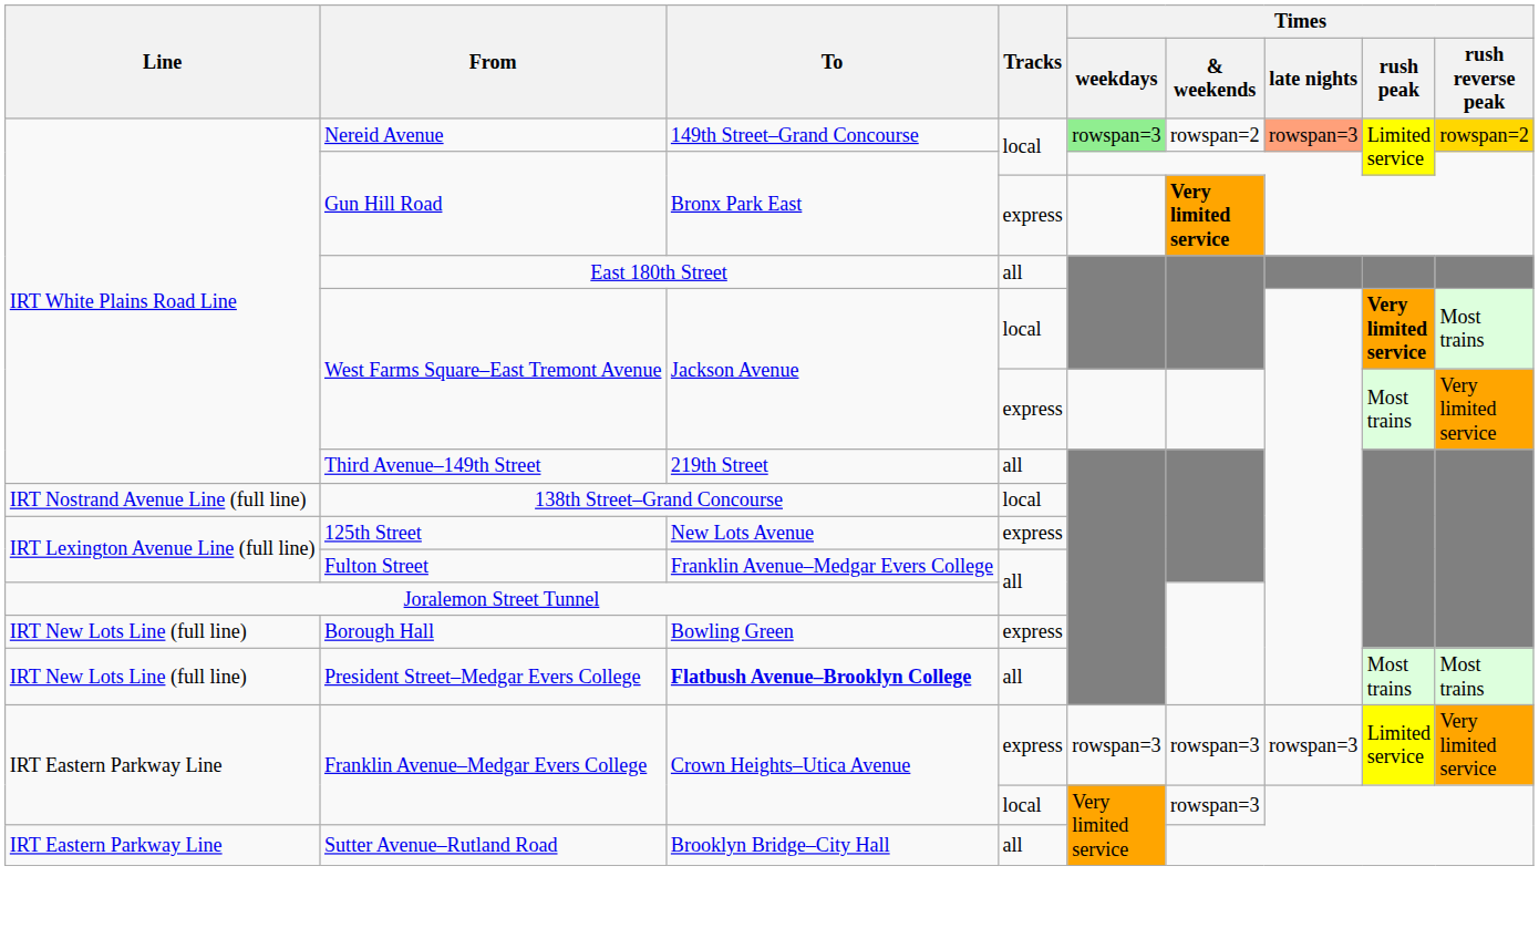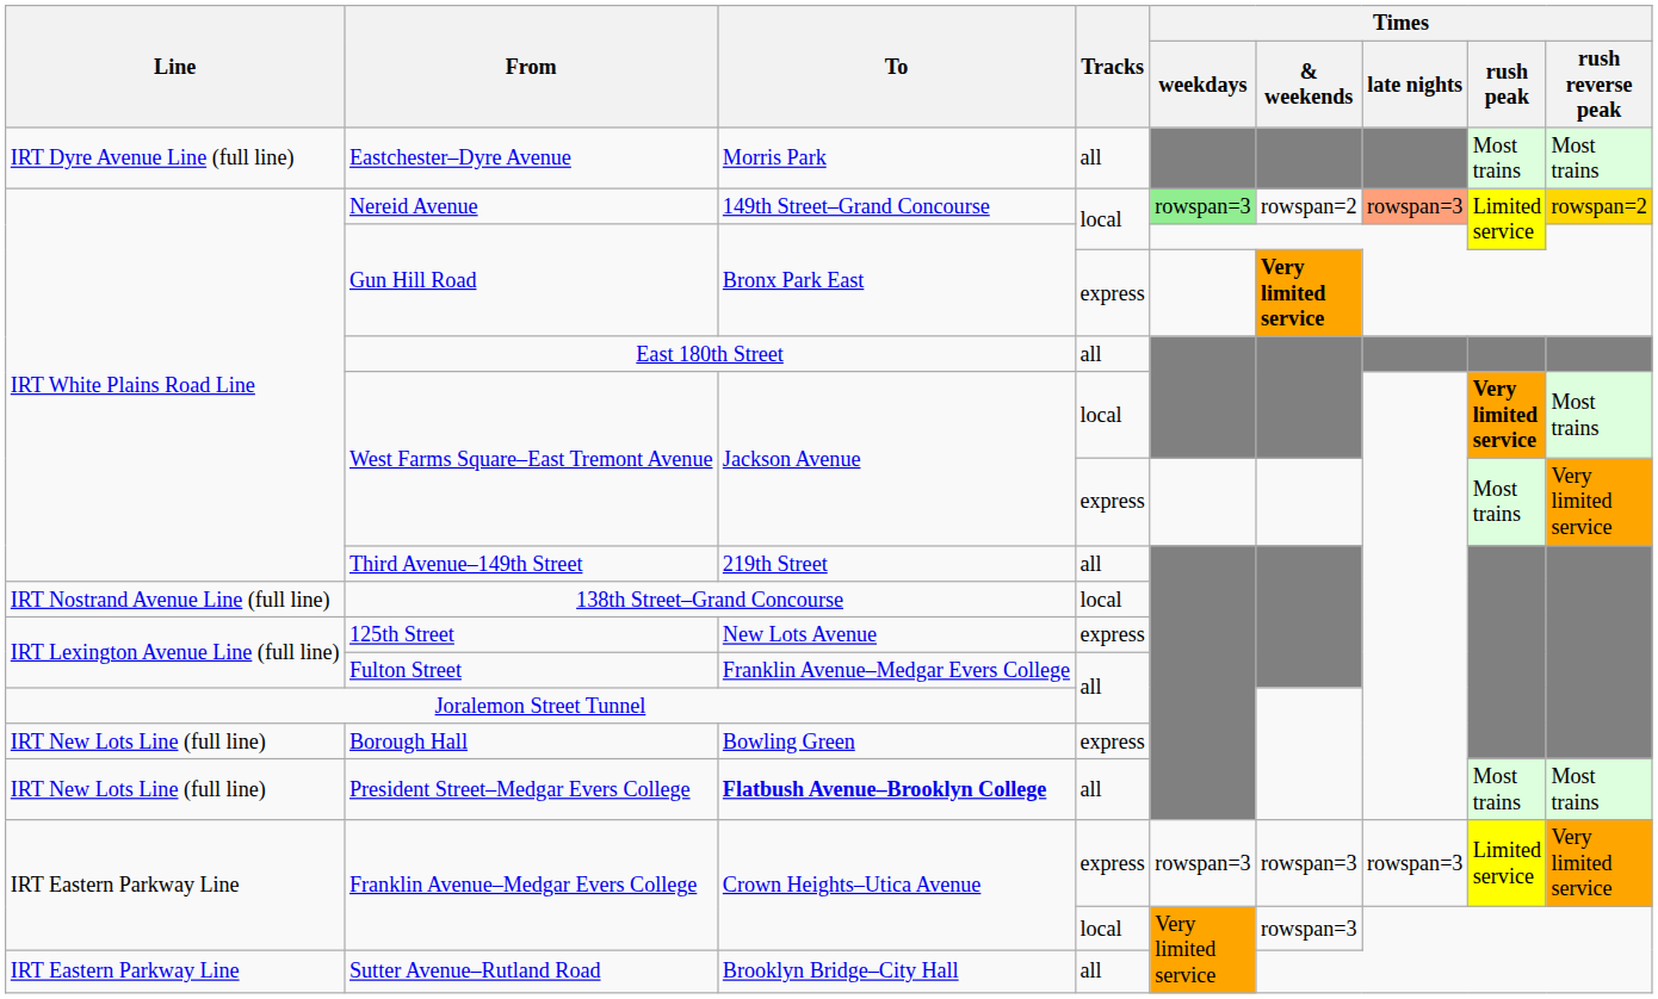 <table class="wikitable collapsible" style="font-size:95%">
 <tr>
 <th rowspan=2>Line</th>
 <th rowspan=2>From</th>
 <th rowspan=2>To</th>
 <th rowspan=2>Tracks</th>
 <th colspan="5">Times</th>
 </tr>
 <tr>
 <th width=40>week­days</th>
 <th width=60> &<br>weekends</th>
 <th width=40>late nights</th>
 <th width=40>rush peak</th>
 <th width=40>rush reverse peak</th>
+</tr>
+<tr>
+<td><a href='#'>IRT Dyre Avenue Line</a> (full line)</td>
+<td><a href='#'>Eastchester–Dyre Avenue</a></td>
+<td><a href='#'>Morris Park</a></td>
+<td>all</td>
+<td style="background:gray"> </td>
+<td style="background:gray"> </td>
+<td style="background:gray"> </td>
+<td style="background:#ddffdd;">Most trains</td>
+<td style="background:#ddffdd;">Most trains</td>
 </tr>
 <tr>
 <td rowspan="7"><a href='#'>IRT White Plains Road Line</a></td>
 <td><a href='#'>Nereid Avenue</a></td>
 <td><a href='#'>149th Street–Grand Concourse</a></td>
 <td rowspan=2>local</td>
 <td style="background: lightgreen;">rowspan=3 </td>
 <td>rowspan=2 </td>
 <td style="background: lightsalmon;">rowspan=3 </td>
 <td rowspan=2 style="background:yellow">Limited service</td>
 <td style="background: gold;">rowspan=2 </td>
 </tr>
 <tr>
 <td rowspan="2"><a href='#'>Gun Hill Road</a></td>
 <td rowspan="2"><a href='#'>Bronx Park East</a></td>
 </tr>
 <tr>
 <td>express</td>
 <td></td>
 <td style="background:orange"><strong>Very limited service</strong></td>
 </tr>
 <tr>
 <td colspan="2" align="center"><a href='#'>East 180th Street</a></td>
 <td>all</td>
 <td rowspan="2" style="background:gray"> </td>
 <td rowspan="2" style="background:gray"> </td>
 <td style="background:gray"> </td>
 <td style="background:gray"> </td>
 <td style="background:gray"> </td>
 </tr>
 <tr>
 <td rowspan="2"><a href='#'>West Farms Square–East Tremont Avenue</a></td>
 <td rowspan="2"><a href='#'>Jackson Avenue</a></td>
 <td>local</td>
 <td rowspan="9"> </td>
 <td style="background:orange"><strong>Very limited service</strong></td>
 <td style="background:#ddffdd;">Most trains</td>
 </tr>
 <tr>
 <td>express</td>
 <td> </td>
 <td> </td>
 <td style="background:#ddffdd;">Most trains</td>
 <td style="background:orange">Very limited service</td>
 </tr>
 <tr>
 <td><a href='#'>Third Avenue–149th Street</a></td>
 <td><a href='#'>219th Street</a></td>
 <td>all</td>
 <td rowspan="7" style="background:gray"> </td>
 <td rowspan="4" style="background:gray"> </td>
 <td rowspan="6" style="background:gray"> </td>
 <td rowspan="6" style="background:gray"> </td>
 </tr>
 <tr>
 <td><a href='#'>IRT Nostrand Avenue Line</a> (full line)</td>
 <td colspan="2" align="center"><a href='#'>138th Street–Grand Concourse</a></td>
 <td>local</td>
 </tr>
 <tr>
 <td rowspan="2"><a href='#'>IRT Lexington Avenue Line</a> (full line)</td>
 <td><a href='#'>125th Street</a></td>
 <td><a href='#'>New Lots Avenue</a></td>
 <td>express</td>
 </tr>
 <tr>
 <td><a href='#'>Fulton Street</a></td>
 <td><a href='#'>Franklin Avenue–Medgar Evers College</a></td>
 <td rowspan="2">all</td>
 </tr>
 <tr>
 <td colspan="3" align="center"><a href='#'>Joralemon Street Tunnel</a></td>
 <td rowspan="3"> </td>
 </tr>
 <tr>
 <td><a href='#'>IRT New Lots Line</a> (full line)</td>
 <td><a href='#'>Borough Hall</a></td>
 <td><a href='#'>Bowling Green</a></td>
 <td>express</td>
 </tr>
 <tr>
 <td><a href='#'>IRT New Lots Line</a> (full line)</td>
 <td><a href='#'>President Street–Medgar Evers College</a></td>
 <td><strong><a href='#'>Flatbush Avenue–Brooklyn College</a></strong></td>
 <td>all</td>
 <td style="background:#ddffdd;">Most trains</td>
 <td style="background:#ddffdd;">Most trains</td>
 </tr>
 <tr>
 <td rowspan=2>IRT Eastern Parkway Line</td>
 <td rowspan=2><a href='#'>Franklin Avenue–Medgar Evers College</a></td>
 <td rowspan=2><a href='#'>Crown Heights–Utica Avenue</a></td>
 <td>express</td>
 <td>rowspan=3 </td>
 <td>rowspan=3 </td>
 <td>rowspan=3 </td>
 <td style="background:yellow">Limited service</td>
 <td style="background:orange">Very limited service</td>
 </tr>
 <tr>
 <td>local</td>
 <td rowspan=2 style="background:orange">Very limited service</td>
 <td>rowspan=3 </td>
 </tr>
 <tr>
 <td><a href='#'>IRT Eastern Parkway Line</a></td>
 <td><a href='#'>Sutter Avenue–Rutland Road</a></td>
 <td><a href='#'>Brooklyn Bridge–City Hall</a></td>
 <td>all</td>
 </tr>
 </table>
